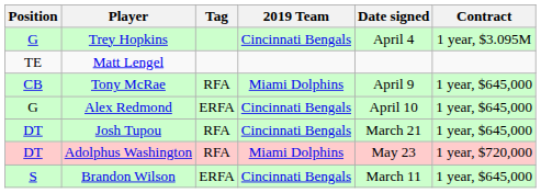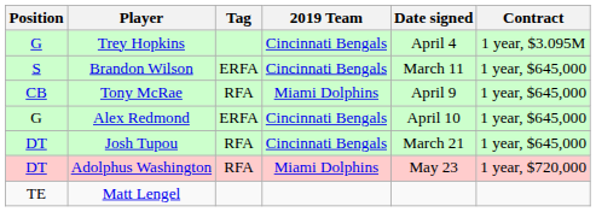 <table class="wikitable" style="text-align:center">
 <tr>
 <th>Position</th>
 <th>Player</th>
 <th>Tag</th>
 <th>2019 Team</th>
 <th>Date signed</th>
 <th>Contract</th>
 </tr>
 <tr style="background:#cfc;">
 <td><a href='#'>G</a></td>
 <td><a href='#'>Trey Hopkins</a></td>
 <td></td>
 <td><a href='#'>Cincinnati Bengals</a></td>
 <td>April 4</td>
 <td>1 year, $3.095M</td>
 </tr>
-<tr>
-<td>TE</td>
-<td><a href='#'>Matt Lengel</a></td>
-<td></td>
-<td></td>
-<td></td>
-<td></td>
+<tr style="background:#cfc;">
+<td><a href='#'>S</a></td>
+<td><a href='#'>Brandon Wilson</a></td>
+<td>ERFA</td>
+<td><a href='#'>Cincinnati Bengals</a></td>
+<td>March 11</td>
+<td>1 year, $645,000</td>
 </tr>
 <tr style="background:#cfc;">
 <td><a href='#'>CB</a></td>
 <td><a href='#'>Tony McRae</a></td>
 <td>RFA</td>
 <td><a href='#'>Miami Dolphins</a></td>
 <td>April 9</td>
 <td>1 year, $645,000</td>
 </tr>
 <tr style="background:#cfc;">
 <td>G</td>
 <td><a href='#'>Alex Redmond</a></td>
 <td>ERFA</td>
 <td><a href='#'>Cincinnati Bengals</a></td>
 <td>April 10</td>
 <td>1 year, $645,000</td>
 </tr>
 <tr style="background:#cfc;">
 <td><a href='#'>DT</a></td>
 <td><a href='#'>Josh Tupou</a></td>
 <td>RFA</td>
 <td><a href='#'>Cincinnati Bengals</a></td>
 <td>March 21</td>
 <td>1 year, $645,000</td>
 </tr>
 <tr style="background:#fcc;">
 <td><a href='#'>DT</a></td>
 <td><a href='#'>Adolphus Washington</a></td>
 <td>RFA</td>
 <td><a href='#'>Miami Dolphins</a></td>
 <td>May 23</td>
 <td>1 year, $720,000</td>
 </tr>
-<tr style="background:#cfc;">
-<td><a href='#'>S</a></td>
-<td><a href='#'>Brandon Wilson</a></td>
-<td>ERFA</td>
-<td><a href='#'>Cincinnati Bengals</a></td>
-<td>March 11</td>
-<td>1 year, $645,000</td>
+<tr>
+<td>TE</td>
+<td><a href='#'>Matt Lengel</a></td>
+<td></td>
+<td></td>
+<td></td>
+<td></td>
 </tr>
 </table>
